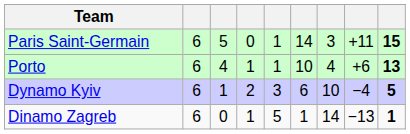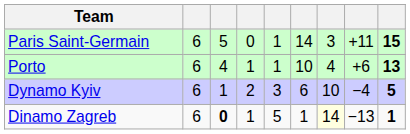 <table class="wikitable" style="text-align: center;">
 <tr>
 </tr>
 <tr>
 <th width=175>Team</th>
 <th width=20></th>
 <th width=20></th>
 <th width=20></th>
 <th width=20></th>
 <th width=20></th>
 <th width=20></th>
 <th width=20></th>
 <th width=20></th>
 </tr>
 <tr bgcolor=ccffcc>
 <td align=left> <a href='#'>Paris Saint-Germain</a></td>
 <td>6</td>
 <td>5</td>
 <td>0</td>
 <td>1</td>
 <td>14</td>
 <td>3</td>
 <td>+11</td>
 <td><strong>15</strong></td>
 </tr>
 <tr bgcolor=ccffcc>
 <td align=left> <a href='#'>Porto</a></td>
 <td>6</td>
 <td>4</td>
 <td>1</td>
 <td>1</td>
 <td>10</td>
 <td>4</td>
 <td>+6</td>
 <td><strong>13</strong></td>
 </tr>
 <tr bgcolor=ccccff>
 <td align=left> <a href='#'>Dynamo Kyiv</a></td>
 <td>6</td>
 <td>1</td>
 <td>2</td>
 <td>3</td>
 <td>6</td>
 <td>10</td>
 <td>−4</td>
 <td><strong>5</strong></td>
 </tr>
 <tr>
 <td align=left> <a href='#'>Dinamo Zagreb</a></td>
 <td>6</td>
-<td>0</td>
+<td><strong>0</strong></td>
 <td>1</td>
 <td>5</td>
 <td>1</td>
-<td>14</td>
+<td style="background: lightyellow;">14</td>
 <td>−13</td>
 <td><strong>1</strong></td>
 </tr>
 </table>
